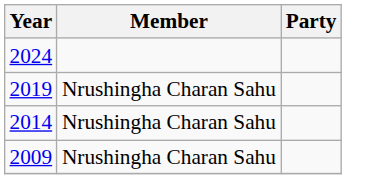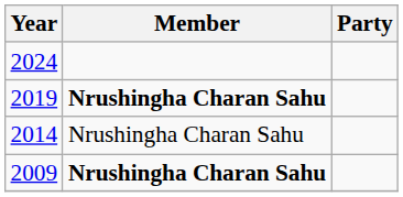 <table class="wikitable sortable">
 <tr>
 <th>Year</th>
 <th>Member</th>
 <th colspan=2>Party</th>
 </tr>
 <tr>
 <td><a href='#'>2024</a></td>
 <td></td>
 <td></td>
 </tr>
 <tr>
 <td><a href='#'>2019</a></td>
-<td>Nrushingha Charan Sahu</td>
+<td><strong>Nrushingha Charan Sahu</strong></td>
 <td></td>
 </tr>
 <tr>
 <td><a href='#'>2014</a></td>
 <td>Nrushingha Charan Sahu</td>
 <td></td>
 </tr>
 <tr>
 <td><a href='#'>2009</a></td>
-<td>Nrushingha Charan Sahu</td>
+<td><strong>Nrushingha Charan Sahu</strong></td>
 <td></td>
 </tr>
 <tr>
 </tr>
 </table>
